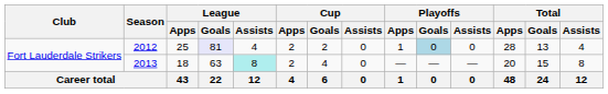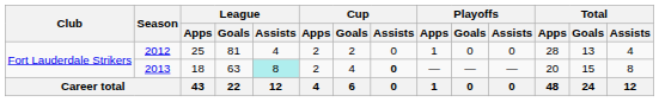 <table class="wikitable" style="font-size:90%; text-align:center;">
 <tr>
 <th rowspan="2">Club</th>
 <th rowspan="2">Season</th>
 <th colspan="3">League</th>
 <th colspan="3">Cup</th>
 <th colspan="3">Playoffs</th>
 <th colspan="3">Total</th>
 </tr>
 <tr>
 <th>Apps</th>
 <th>Goals</th>
 <th>Assists</th>
 <th>Apps</th>
 <th>Goals</th>
 <th>Assists</th>
 <th>Apps</th>
 <th>Goals</th>
 <th>Assists</th>
 <th>Apps</th>
 <th>Goals</th>
 <th>Assists</th>
 </tr>
 <tr>
 <td rowspan="2"><a href='#'>Fort Lauderdale Strikers</a></td>
 <td><a href='#'>2012</a></td>
 <td>25</td>
-<td style="background: lavender;">81</td>
+<td>81</td>
 <td>4</td>
 <td>2</td>
 <td>2</td>
 <td>0</td>
 <td>1</td>
-<td style="background: lightblue;">0</td>
+<td>0</td>
 <td>0</td>
 <td>28</td>
 <td>13</td>
 <td>4</td>
 </tr>
 <tr>
 <td><a href='#'>2013</a></td>
 <td>18</td>
 <td>63</td>
 <td style="background: paleturquoise;">8</td>
 <td>2</td>
 <td>4</td>
-<td>0</td>
+<td><strong>0</strong></td>
 <td>—</td>
 <td>—</td>
 <td>—</td>
 <td>20</td>
 <td>15</td>
 <td>8</td>
 </tr>
 <tr>
 <th colspan="2">Career total</th>
 <th>43</th>
 <th>22</th>
 <th>12</th>
 <th>4</th>
 <th>6</th>
 <th>0</th>
 <th>1</th>
 <th>0</th>
 <th>0</th>
 <th>48</th>
 <th>24</th>
 <th>12</th>
 </tr>
 </table>
